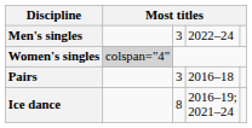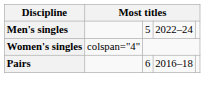 <table class="wikitable unsortable" style="text-align:left">
 <tr>
 <th scope="col">Discipline</th>
 <th colspan="4" scope="col">Most titles</th>
 </tr>
 <tr>
 <th scope="row" style="text-align:left">Men's singles</th>
 <td></td>
-<td>3</td>
+<td>5</td>
 <td>2022–24</td>
 <td></td>
 </tr>
 <tr>
 <th scope="row" style="text-align:left">Women's singles</th>
-<td style="background: lightgrey;">colspan="4" </td>
+<td>colspan="4" </td>
 </tr>
 <tr>
 <th scope="row" style="text-align:left">Pairs</th>
 <td></td>
-<td>3</td>
+<td>6</td>
 <td>2016–18</td>
 <td></td>
 </tr>
-<tr>
-<th scope="row" style="text-align:left">Ice dance</th>
-<td></td>
-<td>8</td>
-<td>2016–19;<br>2021–24</td>
-<td></td>
-</tr>
 </table>
